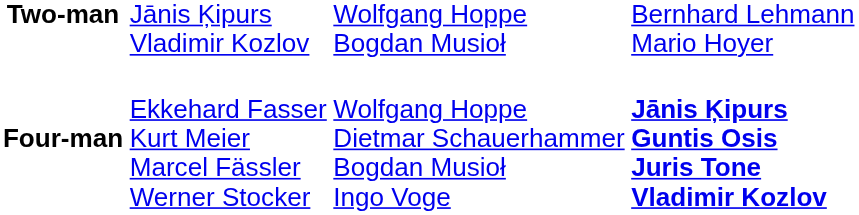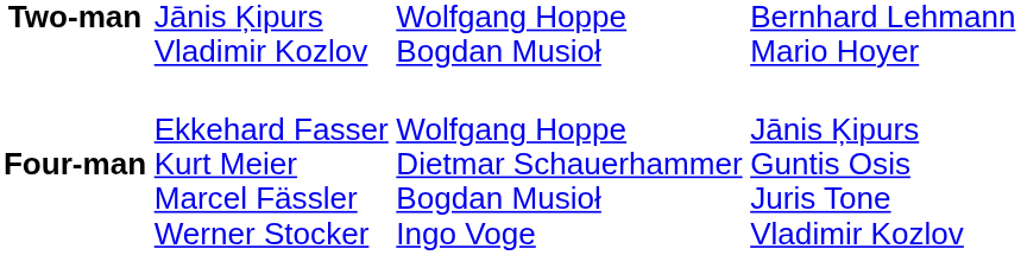 <table>
 <tr>
 <th scope="row">Two-man <br></th>
 <td><br><a href='#'>Jānis Ķipurs</a><br><a href='#'>Vladimir Kozlov</a></td>
 <td><br><a href='#'>Wolfgang Hoppe</a><br><a href='#'>Bogdan Musioł</a></td>
 <td><br><a href='#'>Bernhard Lehmann</a><br><a href='#'>Mario Hoyer</a></td>
 </tr>
 <tr>
 <th scope="row">Four-man <br></th>
 <td><br><a href='#'>Ekkehard Fasser</a><br> <a href='#'>Kurt Meier</a> <br> <a href='#'>Marcel Fässler</a> <br> <a href='#'>Werner Stocker</a></td>
 <td><br><a href='#'>Wolfgang Hoppe</a> <br> <a href='#'>Dietmar Schauerhammer</a> <br> <a href='#'>Bogdan Musioł</a> <br>  <a href='#'>Ingo Voge</a></td>
-<td><strong><br><a href='#'>Jānis Ķipurs</a> <br> <a href='#'>Guntis Osis</a> <br> <a href='#'>Juris Tone</a> <br>  <a href='#'>Vladimir Kozlov</a></strong></td>
+<td><br><a href='#'>Jānis Ķipurs</a> <br> <a href='#'>Guntis Osis</a> <br> <a href='#'>Juris Tone</a> <br>  <a href='#'>Vladimir Kozlov</a></td>
 </tr>
 </table>
